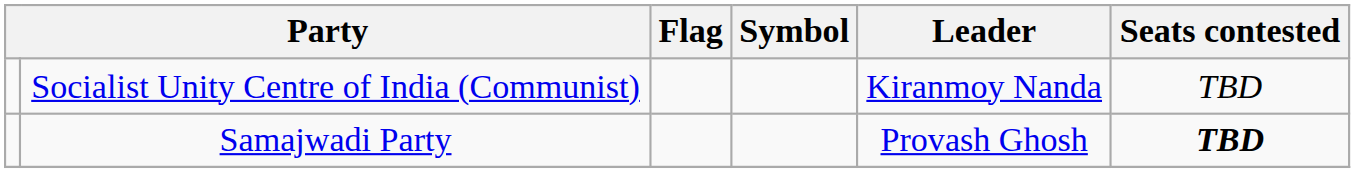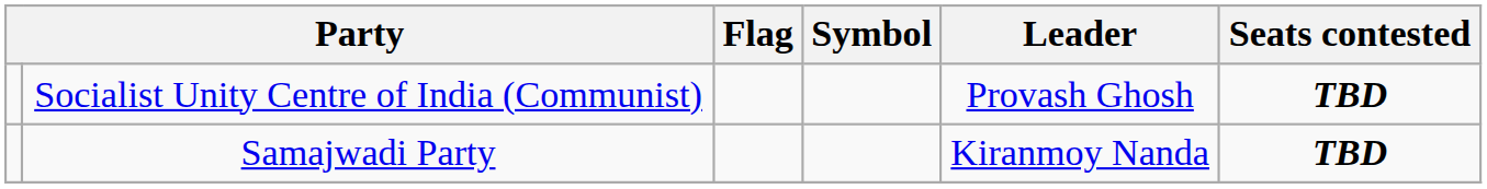 <table class="wikitable" width="50%" style="text-align:center;">
 <tr>
 <th colspan="2">Party</th>
 <th>Flag</th>
 <th>Symbol</th>
 <th>Leader</th>
 <th>Seats contested</th>
 </tr>
 <tr>
 <td></td>
 <td><a href='#'>Socialist Unity Centre of India (Communist)</a></td>
 <td></td>
 <td></td>
-<td><a href='#'>Kiranmoy Nanda</a></td>
-<td><em>TBD</em></td>
+<td><a href='#'>Provash Ghosh</a></td>
+<td><strong><em>TBD</em></strong></td>
 </tr>
 <tr>
 <td></td>
 <td><a href='#'>Samajwadi Party</a></td>
 <td></td>
 <td></td>
-<td><a href='#'>Provash Ghosh</a></td>
+<td><a href='#'>Kiranmoy Nanda</a></td>
 <td><strong><em>TBD</em></strong></td>
 </tr>
 <tr>
 </tr>
 </table>
